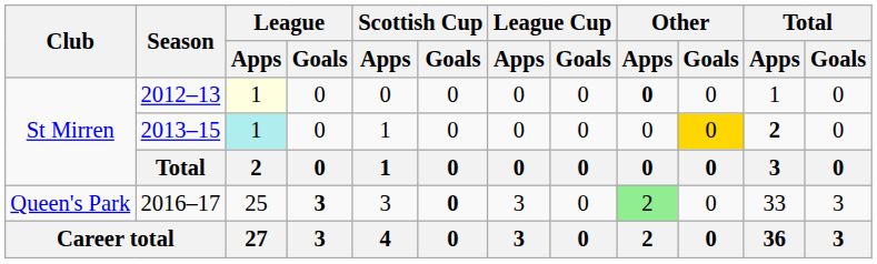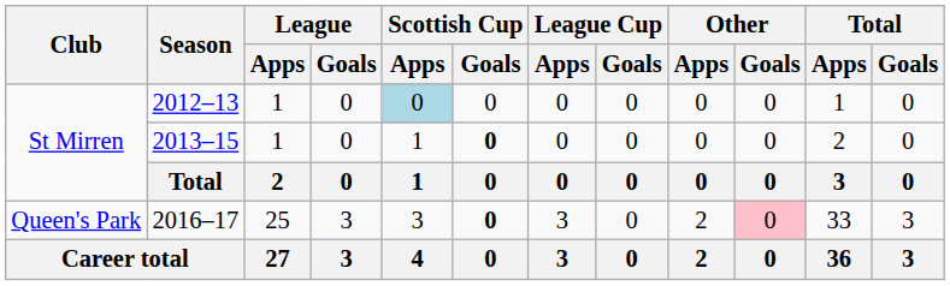 <table class="wikitable" style="text-align: center;">
 <tr>
 <th rowspan="2">Club</th>
 <th rowspan="2">Season</th>
 <th colspan="2">League</th>
 <th colspan="2">Scottish Cup</th>
 <th colspan="2">League Cup</th>
 <th colspan="2">Other</th>
 <th colspan="2">Total</th>
 </tr>
 <tr>
 <th>Apps</th>
 <th>Goals</th>
 <th>Apps</th>
 <th>Goals</th>
 <th>Apps</th>
 <th>Goals</th>
 <th>Apps</th>
 <th>Goals</th>
 <th>Apps</th>
 <th>Goals</th>
 </tr>
 <tr>
 <td rowspan="3"><a href='#'>St Mirren</a></td>
 <td><a href='#'>2012–13</a></td>
-<td style="background: lightyellow;">1</td>
+<td>1</td>
+<td>0</td>
+<td style="background: lightblue;">0</td>
 <td>0</td>
 <td>0</td>
 <td>0</td>
 <td>0</td>
-<td>0</td>
-<td><strong>0</strong></td>
 <td>0</td>
 <td>1</td>
 <td>0</td>
 </tr>
 <tr>
 <td><a href='#'>2013–15</a></td>
-<td style="background: paleturquoise;">1</td>
+<td>1</td>
 <td>0</td>
 <td>1</td>
+<td><strong>0</strong></td>
 <td>0</td>
 <td>0</td>
 <td>0</td>
 <td>0</td>
-<td style="background: gold;">0</td>
-<td><strong>2</strong></td>
+<td>2</td>
 <td>0</td>
 </tr>
 <tr>
 <th>Total</th>
 <th>2</th>
 <th>0</th>
 <th>1</th>
 <th>0</th>
 <th>0</th>
 <th>0</th>
 <th>0</th>
 <th>0</th>
 <th>3</th>
 <th>0</th>
 </tr>
 <tr>
 <td rowspan="1"><a href='#'>Queen's Park</a></td>
 <td>2016–17</td>
 <td>25</td>
-<td><strong>3</strong></td>
+<td>3</td>
 <td>3</td>
 <td><strong>0</strong></td>
 <td>3</td>
 <td>0</td>
-<td style="background: lightgreen;">2</td>
-<td>0</td>
+<td>2</td>
+<td style="background: pink;">0</td>
 <td>33</td>
 <td>3</td>
 </tr>
 <tr>
 <th colspan="2">Career total</th>
 <th>27</th>
 <th>3</th>
 <th>4</th>
 <th>0</th>
 <th>3</th>
 <th>0</th>
 <th>2</th>
 <th>0</th>
 <th>36</th>
 <th>3</th>
 </tr>
 </table>
